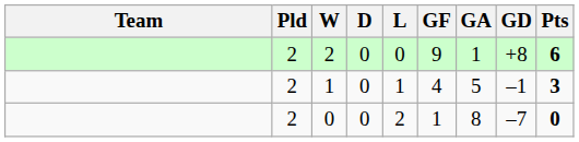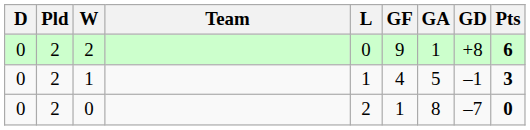 <table class="wikitable" style="text-align:center;">
 <tr>
-<th width=200>Team</th>
+<th width=20>D</th>
 <th width=20>Pld</th>
 <th width=20>W</th>
-<th width=20>D</th>
+<th width=200>Team</th>
 <th width=20>L</th>
 <th width=20>GF</th>
 <th width=20>GA</th>
 <th width=20>GD</th>
 <th width=20>Pts</th>
 </tr>
 <tr align=center style="background:#ccffcc;">
-<td style="text-align:left;"></td>
+<td>0</td>
 <td>2</td>
 <td>2</td>
-<td>0</td>
+<td style="text-align:left;"></td>
 <td>0</td>
 <td>9</td>
 <td>1</td>
 <td>+8</td>
 <td><strong>6</strong></td>
 </tr>
 <tr>
-<td style="text-align:left;"></td>
+<td>0</td>
 <td>2</td>
 <td>1</td>
-<td>0</td>
+<td style="text-align:left;"></td>
 <td>1</td>
 <td>4</td>
 <td>5</td>
 <td>–1</td>
 <td><strong>3</strong></td>
 </tr>
 <tr>
-<td style="text-align:left;"></td>
+<td>0</td>
 <td>2</td>
 <td>0</td>
-<td>0</td>
+<td style="text-align:left;"></td>
 <td>2</td>
 <td>1</td>
 <td>8</td>
 <td>–7</td>
 <td><strong>0</strong></td>
 </tr>
 </table>
